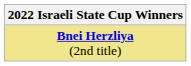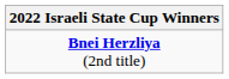 <table class=wikitable style="text-align:center; margin:auto">
 <tr>
 <th>2022 Israeli State Cup Winners</th>
 </tr>
 <tr>
-<td style="background: khaki;"><strong><a href='#'>Bnei Herzliya</a></strong><br>(2nd title)</td>
+<td><strong><a href='#'>Bnei Herzliya</a></strong><br>(2nd title)</td>
 </tr>
 </table>
